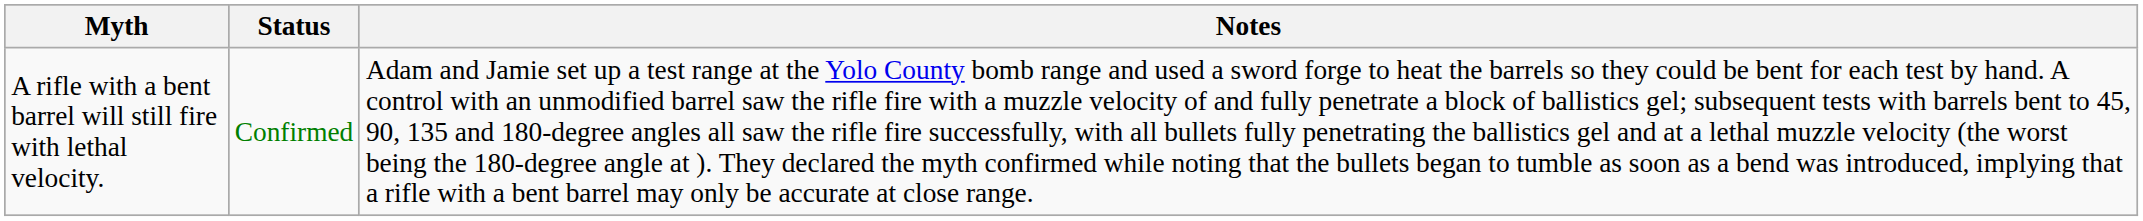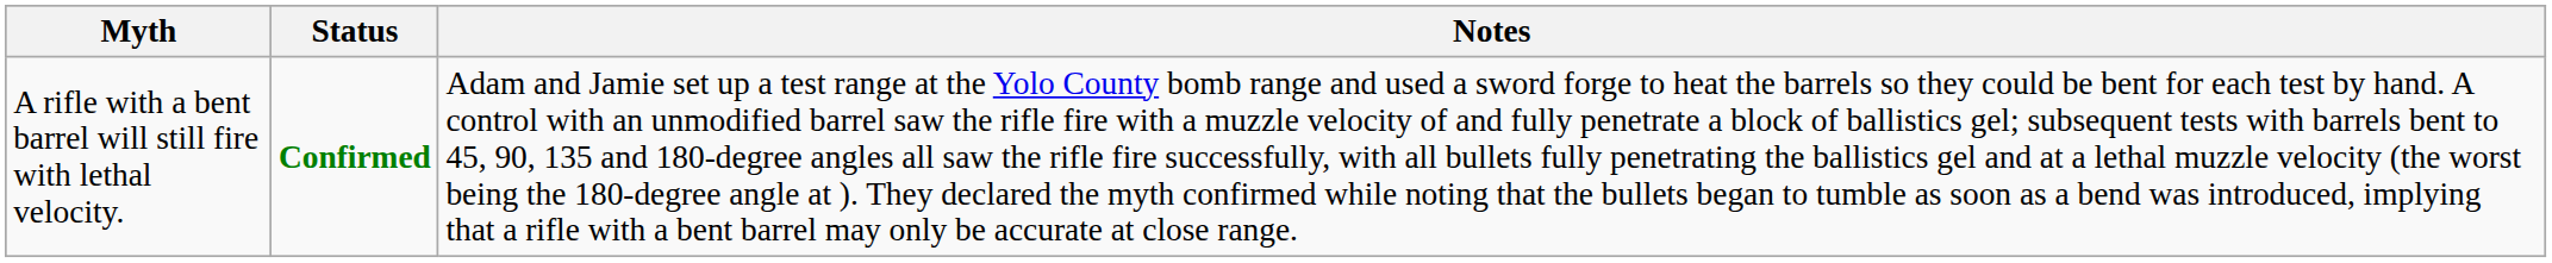 <table class="wikitable plainrowheaders">
 <tr>
 <th scope"col">Myth</th>
 <th scope"col">Status</th>
 <th scope"col">Notes</th>
 </tr>
 <tr>
 <td scope"row">A rifle with a bent barrel will still fire with lethal velocity.</td>
-<td style="color:green">Confirmed</td>
+<td style="color:green"><strong>Confirmed</strong></td>
 <td>Adam and Jamie set up a test range at the <a href='#'>Yolo County</a> bomb range and used a sword forge to heat the barrels so they could be bent for each test by hand. A control with an unmodified barrel saw the rifle fire with a muzzle velocity of  and fully penetrate a block of ballistics gel; subsequent tests with barrels bent to 45, 90, 135 and 180-degree angles all saw the rifle fire successfully, with all bullets fully penetrating the ballistics gel and at a lethal muzzle velocity (the worst being the 180-degree angle at ). They declared the myth confirmed while noting that the bullets began to tumble as soon as a bend was introduced, implying that a rifle with a bent barrel may only be accurate at close range.</td>
 </tr>
 </table>
